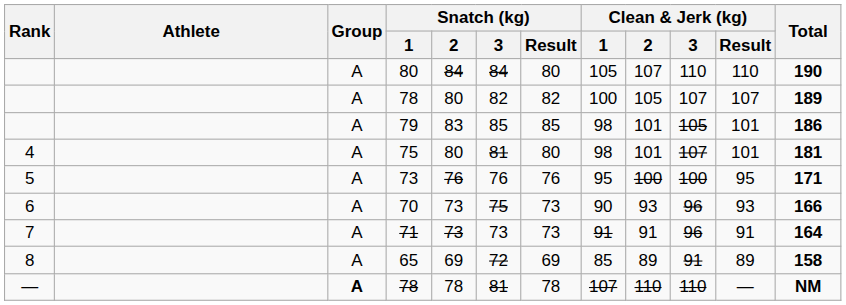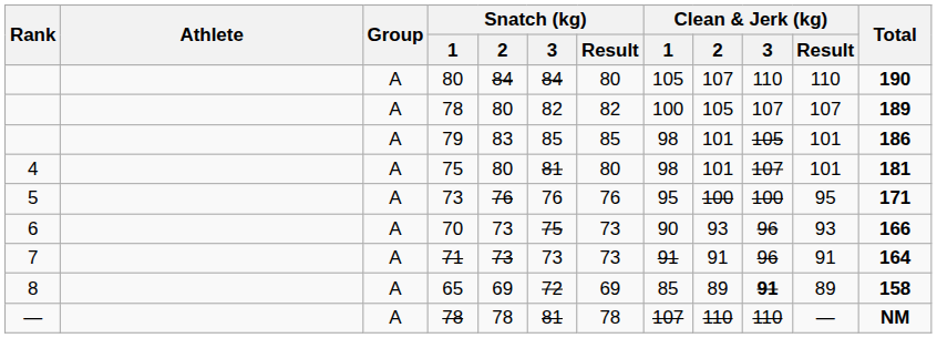 <table class = "wikitable" style="text-align:center;">
 <tr>
 <th rowspan=2 width=40>Rank</th>
 <th rowspan=2 width=250>Athlete</th>
 <th rowspan=2 width=40>Group</th>
 <th colspan=4>Snatch (kg)</th>
 <th colspan=4>Clean & Jerk (kg)</th>
 <th rowspan=2 width=55>Total</th>
 </tr>
 <tr>
 <th width=35>1</th>
 <th width=35>2</th>
 <th width=35>3</th>
 <th width=45>Result</th>
 <th width=35>1</th>
 <th width=35>2</th>
 <th width=35>3</th>
 <th width=45>Result</th>
 </tr>
 <tr>
 <td></td>
 <td align=left></td>
 <td>A</td>
 <td>80</td>
 <td><s>84</s></td>
 <td><s>84</s></td>
 <td>80</td>
 <td>105</td>
 <td>107</td>
 <td>110</td>
 <td>110</td>
 <td><strong>190</strong></td>
 </tr>
 <tr>
 <td></td>
 <td align=left></td>
 <td>A</td>
 <td>78</td>
 <td>80</td>
 <td>82</td>
 <td>82</td>
 <td>100</td>
 <td>105</td>
 <td>107</td>
 <td>107</td>
 <td><strong>189</strong></td>
 </tr>
 <tr>
 <td></td>
 <td align=left></td>
 <td>A</td>
 <td>79</td>
 <td>83</td>
 <td>85</td>
 <td>85</td>
 <td>98</td>
 <td>101</td>
 <td><s>105</s></td>
 <td>101</td>
 <td><strong>186</strong></td>
 </tr>
 <tr>
 <td>4</td>
 <td align=left></td>
 <td>A</td>
 <td>75</td>
 <td>80</td>
 <td><s>81</s></td>
 <td>80</td>
 <td>98</td>
 <td>101</td>
 <td><s>107</s></td>
 <td>101</td>
 <td><strong>181</strong></td>
 </tr>
 <tr>
 <td>5</td>
 <td align=left></td>
 <td>A</td>
 <td>73</td>
 <td><s>76</s></td>
 <td>76</td>
 <td>76</td>
 <td>95</td>
 <td><s>100</s></td>
 <td><s>100</s></td>
 <td>95</td>
 <td><strong>171</strong></td>
 </tr>
 <tr>
 <td>6</td>
 <td align=left></td>
 <td>A</td>
 <td>70</td>
 <td>73</td>
 <td><s>75</s></td>
 <td>73</td>
 <td>90</td>
 <td>93</td>
 <td><s>96</s></td>
 <td>93</td>
 <td><strong>166</strong></td>
 </tr>
 <tr>
 <td>7</td>
 <td align=left></td>
 <td>A</td>
 <td><s>71</s></td>
 <td><s>73</s></td>
 <td>73</td>
 <td>73</td>
 <td><s>91</s></td>
 <td>91</td>
 <td><s>96</s></td>
 <td>91</td>
 <td><strong>164</strong></td>
 </tr>
 <tr>
 <td>8</td>
 <td align=left></td>
 <td>A</td>
 <td>65</td>
 <td>69</td>
 <td><s>72</s></td>
 <td>69</td>
 <td>85</td>
 <td>89</td>
-<td><s>91</s></td>
+<td><strong><s>91</s></strong></td>
 <td>89</td>
 <td><strong>158</strong></td>
 </tr>
 <tr>
 <td>—</td>
 <td align=left></td>
-<td><strong>A</strong></td>
+<td>A</td>
 <td><s>78</s></td>
 <td>78</td>
 <td><s>81</s></td>
 <td>78</td>
 <td><s>107</s></td>
 <td><s>110</s></td>
 <td><s>110</s></td>
 <td>—</td>
 <td><strong>NM</strong></td>
 </tr>
 </table>
